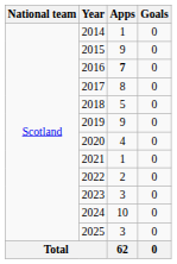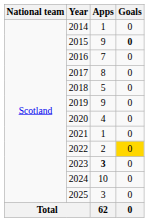 <table class="wikitable" style="text-align:center">
 <tr>
 <th>National team</th>
 <th>Year</th>
 <th>Apps</th>
 <th>Goals</th>
 </tr>
 <tr>
 <td rowspan="12"><a href='#'>Scotland</a></td>
 <td>2014</td>
 <td>1</td>
 <td>0</td>
 </tr>
 <tr>
 <td>2015</td>
 <td>9</td>
-<td>0</td>
+<td><strong>0</strong></td>
 </tr>
 <tr>
 <td>2016</td>
-<td><strong>7</strong></td>
+<td>7</td>
 <td>0</td>
 </tr>
 <tr>
 <td>2017</td>
 <td>8</td>
 <td>0</td>
 </tr>
 <tr>
 <td>2018</td>
 <td>5</td>
 <td>0</td>
 </tr>
 <tr>
 <td>2019</td>
 <td>9</td>
 <td>0</td>
 </tr>
 <tr>
 <td>2020</td>
 <td>4</td>
 <td>0</td>
 </tr>
 <tr>
 <td>2021</td>
 <td>1</td>
 <td>0</td>
 </tr>
 <tr>
 <td>2022</td>
 <td>2</td>
-<td>0</td>
+<td style="background: gold;">0</td>
 </tr>
 <tr>
 <td>2023</td>
-<td>3</td>
+<td><strong>3</strong></td>
 <td>0</td>
 </tr>
 <tr>
 <td>2024</td>
 <td>10</td>
 <td>0</td>
 </tr>
 <tr>
 <td>2025</td>
 <td>3</td>
 <td>0</td>
 </tr>
 <tr>
 <th colspan=2>Total</th>
 <th>62</th>
 <th>0</th>
 </tr>
 </table>
